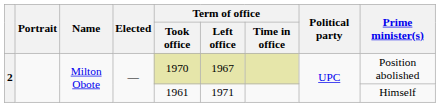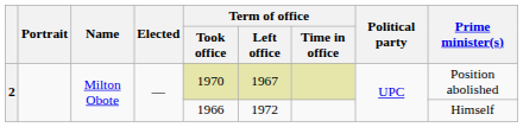 <table class="wikitable" style="text-align:center">
 <tr>
 <th rowspan="2"></th>
 <th rowspan="2">Portrait</th>
 <th rowspan="2">Name<br></th>
 <th rowspan="2">Elected</th>
 <th colspan="3">Term of office</th>
 <th rowspan="2">Political party</th>
 <th rowspan="2"><a href='#'>Prime minister(s)</a></th>
 </tr>
 <tr>
 <th>Took office</th>
 <th>Left office</th>
 <th>Time in office</th>
 </tr>
 <tr>
 <th rowspan=2 style="background:">2</th>
 <td rowspan=2></td>
 <td rowspan=2><a href='#'>Milton Obote</a><br></td>
 <td rowspan=2>—</td>
 <td style="background:#e6e6aa;"> 1970</td>
 <td style="background:#e6e6aa;"> 1967</td>
 <td style="background:#e6e6aa;"></td>
 <td rowspan=2><a href='#'>UPC</a></td>
 <td>Position abolished</td>
 </tr>
 <tr>
-<td> 1961</td>
-<td> 1971<br></td>
+<td> 1966</td>
+<td> 1972<br></td>
 <td></td>
 <td>Himself</td>
 </tr>
 </table>
